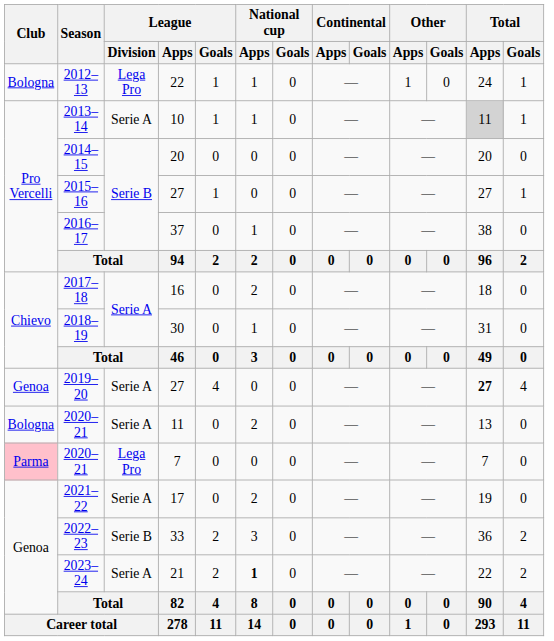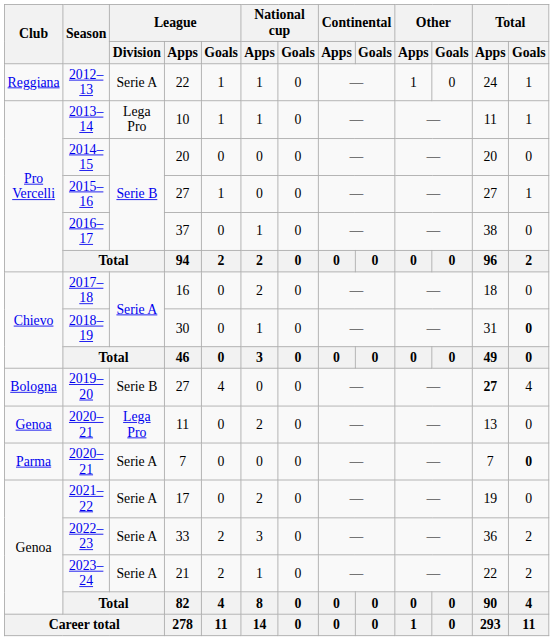 <table class="wikitable" style="text-align: center">
 <tr>
 <th rowspan="2">Club</th>
 <th rowspan="2">Season</th>
 <th colspan="3">League</th>
 <th colspan="2">National cup</th>
 <th colspan="2">Continental</th>
 <th colspan="2">Other</th>
 <th colspan="2">Total</th>
 </tr>
 <tr>
 <th>Division</th>
 <th>Apps</th>
 <th>Goals</th>
 <th>Apps</th>
 <th>Goals</th>
 <th>Apps</th>
 <th>Goals</th>
 <th>Apps</th>
 <th>Goals</th>
 <th>Apps</th>
 <th>Goals</th>
 </tr>
 <tr>
-<td><a href='#'>Bologna</a></td>
+<td><a href='#'>Reggiana</a></td>
 <td><a href='#'>2012–13</a></td>
-<td><a href='#'>Lega Pro</a></td>
+<td>Serie A</td>
 <td>22</td>
 <td>1</td>
 <td>1</td>
 <td>0</td>
 <td colspan="2“">—</td>
 <td>1</td>
 <td>0</td>
 <td>24</td>
 <td>1</td>
 </tr>
 <tr>
 <td rowspan="5"><a href='#'>Pro Vercelli</a></td>
 <td><a href='#'>2013–14</a></td>
-<td>Serie A</td>
+<td>Lega Pro</td>
 <td>10</td>
 <td>1</td>
 <td>1</td>
 <td>0</td>
 <td colspan="2“">—</td>
 <td colspan="2“">—</td>
-<td style="background: lightgrey;">11</td>
+<td>11</td>
 <td>1</td>
 </tr>
 <tr>
 <td><a href='#'>2014–15</a></td>
 <td rowspan="3"><a href='#'>Serie B</a></td>
 <td>20</td>
 <td>0</td>
 <td>0</td>
 <td>0</td>
 <td colspan="2“">—</td>
 <td colspan="2“">—</td>
 <td>20</td>
 <td>0</td>
 </tr>
 <tr>
 <td><a href='#'>2015–16</a></td>
 <td>27</td>
 <td>1</td>
 <td>0</td>
 <td>0</td>
 <td colspan="2“">—</td>
 <td colspan="2“">—</td>
 <td>27</td>
 <td>1</td>
 </tr>
 <tr>
 <td><a href='#'>2016–17</a></td>
 <td>37</td>
 <td>0</td>
 <td>1</td>
 <td>0</td>
 <td colspan="2“">—</td>
 <td colspan="2“">—</td>
 <td>38</td>
 <td>0</td>
 </tr>
 <tr>
 <th colspan="2">Total</th>
 <th>94</th>
 <th>2</th>
 <th>2</th>
 <th>0</th>
 <th>0</th>
 <th>0</th>
 <th>0</th>
 <th>0</th>
 <th>96</th>
 <th>2</th>
 </tr>
 <tr>
 <td rowspan="3"><a href='#'>Chievo</a></td>
 <td><a href='#'>2017–18</a></td>
 <td rowspan="2"><a href='#'>Serie A</a></td>
 <td>16</td>
 <td>0</td>
 <td>2</td>
 <td>0</td>
 <td colspan="2“">—</td>
 <td colspan="2“">—</td>
 <td>18</td>
 <td>0</td>
 </tr>
 <tr>
 <td><a href='#'>2018–19</a></td>
 <td>30</td>
 <td>0</td>
 <td>1</td>
 <td>0</td>
 <td colspan="2“">—</td>
 <td colspan="2“">—</td>
 <td>31</td>
-<td>0</td>
+<td><strong>0</strong></td>
 </tr>
 <tr>
 <th colspan="2">Total</th>
 <th>46</th>
 <th>0</th>
 <th>3</th>
 <th>0</th>
 <th>0</th>
 <th>0</th>
 <th>0</th>
 <th>0</th>
 <th>49</th>
 <th>0</th>
 </tr>
 <tr>
-<td><a href='#'>Genoa</a></td>
+<td><a href='#'>Bologna</a></td>
 <td><a href='#'>2019–20</a></td>
-<td>Serie A</td>
+<td>Serie B</td>
 <td>27</td>
 <td>4</td>
 <td>0</td>
 <td>0</td>
 <td colspan="2“">—</td>
 <td colspan="2“">—</td>
 <td><strong>27</strong></td>
 <td>4</td>
 </tr>
 <tr>
-<td><a href='#'>Bologna</a></td>
+<td><a href='#'>Genoa</a></td>
 <td><a href='#'>2020–21</a></td>
-<td>Serie A</td>
+<td><a href='#'>Lega Pro</a></td>
 <td>11</td>
 <td>0</td>
 <td>2</td>
 <td>0</td>
 <td colspan="2“">—</td>
 <td colspan="2“">—</td>
 <td>13</td>
 <td>0</td>
 </tr>
 <tr>
-<td style="background: pink;"><a href='#'>Parma</a></td>
+<td><a href='#'>Parma</a></td>
 <td><a href='#'>2020–21</a></td>
-<td><a href='#'>Lega Pro</a></td>
+<td>Serie A</td>
 <td>7</td>
 <td>0</td>
 <td>0</td>
 <td>0</td>
 <td colspan="2“">—</td>
 <td colspan="2“">—</td>
 <td>7</td>
-<td>0</td>
+<td><strong>0</strong></td>
 </tr>
 <tr>
 <td rowspan="4">Genoa</td>
 <td><a href='#'>2021–22</a></td>
 <td>Serie A</td>
 <td>17</td>
 <td>0</td>
 <td>2</td>
 <td>0</td>
 <td colspan="2“">—</td>
 <td colspan="2“">—</td>
 <td>19</td>
 <td>0</td>
 </tr>
 <tr>
 <td><a href='#'>2022–23</a></td>
-<td>Serie B</td>
+<td>Serie A</td>
 <td>33</td>
 <td>2</td>
 <td>3</td>
 <td>0</td>
 <td colspan="2“">—</td>
 <td colspan="2“">—</td>
 <td>36</td>
 <td>2</td>
 </tr>
 <tr>
 <td><a href='#'>2023–24</a></td>
 <td>Serie A</td>
 <td>21</td>
 <td>2</td>
-<td><strong>1</strong></td>
+<td>1</td>
 <td>0</td>
 <td colspan="2“">—</td>
 <td colspan="2“">—</td>
 <td>22</td>
 <td>2</td>
 </tr>
 <tr>
 <th colspan="2">Total</th>
 <th>82</th>
 <th>4</th>
 <th>8</th>
 <th>0</th>
 <th>0</th>
 <th>0</th>
 <th>0</th>
 <th>0</th>
 <th>90</th>
 <th>4</th>
 </tr>
 <tr>
 <th colspan="3">Career total</th>
 <th>278</th>
 <th>11</th>
 <th>14</th>
 <th>0</th>
 <th>0</th>
 <th>0</th>
 <th>1</th>
 <th>0</th>
 <th>293</th>
 <th>11</th>
 </tr>
 </table>
